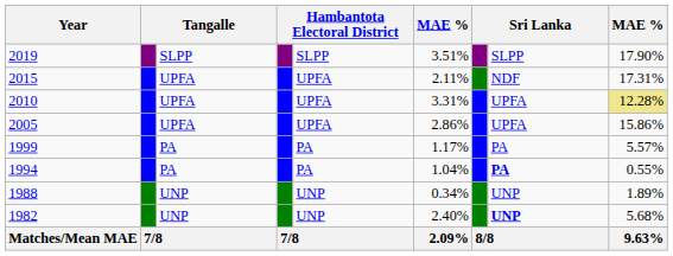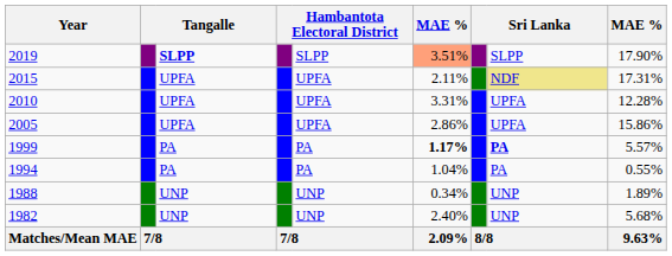 <table class="wikitable">
 <tr>
 <th>Year</th>
 <th colspan="2" width="144px">Tangalle</th>
 <th colspan="2" width="144px"><a href='#'>Hambantota Electoral District</a></th>
 <th><a href='#'>MAE</a> %</th>
 <th colspan="2" width="144px">Sri Lanka</th>
 <th>MAE %</th>
 </tr>
 <tr>
 <td><a href='#'>2019</a></td>
 <td style="background-color:purple;" width="10px"></td>
-<td style="text-align:left;"><a href='#'>SLPP</a></td>
+<td style="text-align:left;"><strong><a href='#'>SLPP</a></strong></td>
 <td style="background-color:purple;" width="10px"></td>
 <td style="text-align:left;"><a href='#'>SLPP</a></td>
-<td style="text-align:right;">3.51%</td>
+<td style="background: lightsalmon; text-align:right;">3.51%</td>
 <td style="background-color:purple;" width="10px"></td>
 <td style="text-align:left;"><a href='#'>SLPP</a></td>
 <td style="text-align:right;">17.90%</td>
 </tr>
 <tr>
 <td><a href='#'>2015</a></td>
 <td style="background-color:blue;" width="10px"></td>
 <td style="text-align:left;"><a href='#'>UPFA</a></td>
 <td style="background-color:blue;" width="10px"></td>
 <td style="text-align:left;"><a href='#'>UPFA</a></td>
 <td style="text-align:right;">2.11%</td>
 <td style="background-color:green;" width="10px"></td>
-<td style="text-align:left;"><a href='#'>NDF</a></td>
+<td style="background: khaki; text-align:left;"><a href='#'>NDF</a></td>
 <td style="text-align:right;">17.31%</td>
 </tr>
 <tr>
 <td><a href='#'>2010</a></td>
 <td style="background-color:blue;" width="10px"></td>
 <td style="text-align:left;"><a href='#'>UPFA</a></td>
 <td style="background-color:blue;" width="10px"></td>
 <td style="text-align:left;"><a href='#'>UPFA</a></td>
 <td style="text-align:right;">3.31%</td>
 <td style="background-color:blue;" width="10px"></td>
 <td style="text-align:left;"><a href='#'>UPFA</a></td>
-<td style="background: khaki; text-align:right;">12.28%</td>
+<td style="text-align:right;">12.28%</td>
 </tr>
 <tr>
 <td><a href='#'>2005</a></td>
 <td style="background-color:blue;" width="10px"></td>
 <td style="text-align:left;"><a href='#'>UPFA</a></td>
 <td style="background-color:blue;" width="10px"></td>
 <td style="text-align:left;"><a href='#'>UPFA</a></td>
 <td style="text-align:right;">2.86%</td>
 <td style="background-color:blue;" width="10px"></td>
 <td style="text-align:left;"><a href='#'>UPFA</a></td>
 <td style="text-align:right;">15.86%</td>
 </tr>
 <tr>
 <td><a href='#'>1999</a></td>
 <td style="background-color:blue;" width="10px"></td>
 <td style="text-align:left;"><a href='#'>PA</a></td>
 <td style="background-color:blue;" width="10px"></td>
 <td style="text-align:left;"><a href='#'>PA</a></td>
-<td style="text-align:right;">1.17%</td>
+<td style="text-align:right;"><strong>1.17%</strong></td>
 <td style="background-color:blue;" width="10px"></td>
-<td style="text-align:left;"><a href='#'>PA</a></td>
+<td style="text-align:left;"><strong><a href='#'>PA</a></strong></td>
 <td style="text-align:right;">5.57%</td>
 </tr>
 <tr>
 <td><a href='#'>1994</a></td>
 <td style="background-color:blue;" width="10px"></td>
 <td style="text-align:left;"><a href='#'>PA</a></td>
 <td style="background-color:blue;" width="10px"></td>
 <td style="text-align:left;"><a href='#'>PA</a></td>
 <td style="text-align:right;">1.04%</td>
 <td style="background-color:blue;" width="10px"></td>
-<td style="text-align:left;"><strong><a href='#'>PA</a></strong></td>
+<td style="text-align:left;"><a href='#'>PA</a></td>
 <td style="text-align:right;">0.55%</td>
 </tr>
 <tr>
 <td><a href='#'>1988</a></td>
 <td style="background-color:green;" width="10px"></td>
 <td style="text-align:left;"><a href='#'>UNP</a></td>
 <td style="background-color:green;" width="10px"></td>
 <td style="text-align:left;"><a href='#'>UNP</a></td>
 <td style="text-align:right;">0.34%</td>
 <td style="background-color:green;" width="10px"></td>
 <td style="text-align:left;"><a href='#'>UNP</a></td>
 <td style="text-align:right;">1.89%</td>
 </tr>
 <tr>
 <td><a href='#'>1982</a></td>
 <td style="background-color:green;" width="10px"></td>
 <td style="text-align:left;"><a href='#'>UNP</a></td>
 <td style="background-color:green;" width="10px"></td>
 <td style="text-align:left;"><a href='#'>UNP</a></td>
 <td style="text-align:right;">2.40%</td>
 <td style="background-color:green;" width="10px"></td>
-<td style="text-align:left;"><strong><a href='#'>UNP</a></strong></td>
+<td style="text-align:left;"><a href='#'>UNP</a></td>
 <td style="text-align:right;">5.68%</td>
 </tr>
 <tr>
 <th>Matches/Mean MAE</th>
 <th style="text-align:left;"colspan="2" width="144px">7/8</th>
 <th style="text-align:left;"colspan="2" width="144px">7/8</th>
 <th style="text-align:right;">2.09%</th>
 <th style="text-align:left;"colspan="2" width="144px">8/8</th>
 <th style="text-align:right;">9.63%</th>
 </tr>
 </table>
